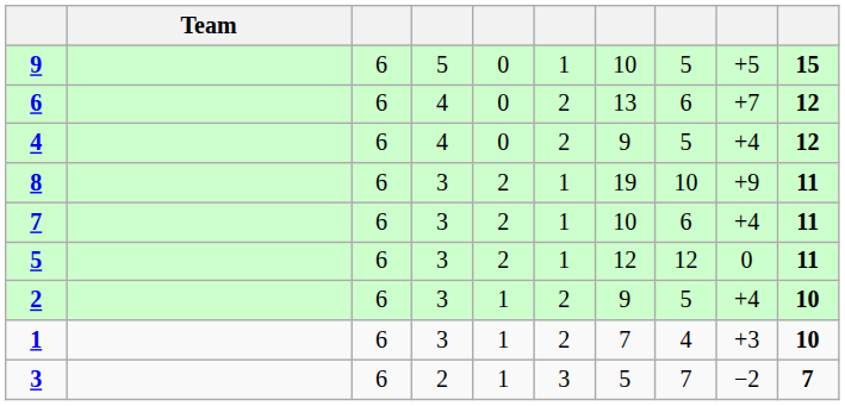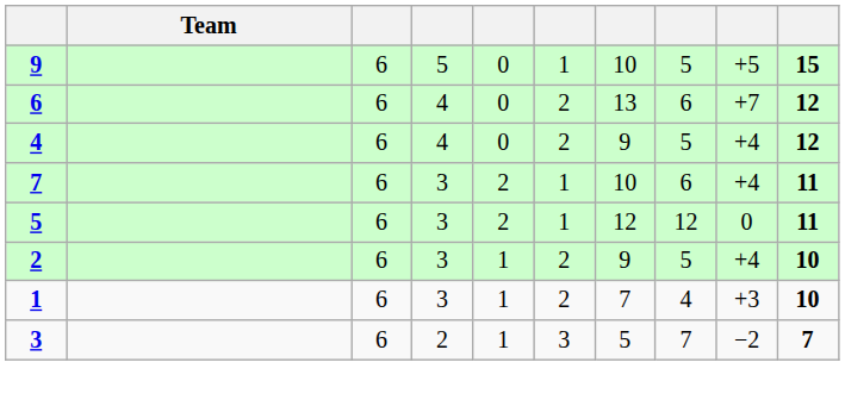 <table class="wikitable" style="text-align: center; font-size: 90%;">
 <tr>
 <th width=30></th>
 <th width=165>Team</th>
 <th width=30></th>
 <th width=30></th>
 <th width=30></th>
 <th width=30></th>
 <th width=30></th>
 <th width=30></th>
 <th width=30></th>
 <th width=30></th>
 </tr>
 <tr bgcolor="#ccffcc">
 <td><strong><a href='#'>9</a></strong></td>
 <td align="left"></td>
 <td>6</td>
 <td>5</td>
 <td>0</td>
 <td>1</td>
 <td>10</td>
 <td>5</td>
 <td>+5</td>
 <td><strong>15</strong></td>
 </tr>
 <tr bgcolor="#ccffcc">
 <td><strong><a href='#'>6</a></strong></td>
 <td align="left"></td>
 <td>6</td>
 <td>4</td>
 <td>0</td>
 <td>2</td>
 <td>13</td>
 <td>6</td>
 <td>+7</td>
 <td><strong>12</strong></td>
 </tr>
 <tr bgcolor="#ccffcc">
 <td><strong><a href='#'>4</a></strong></td>
 <td align="left"></td>
 <td>6</td>
 <td>4</td>
 <td>0</td>
 <td>2</td>
 <td>9</td>
 <td>5</td>
 <td>+4</td>
 <td><strong>12</strong></td>
-</tr>
-<tr bgcolor="#ccffcc">
-<td><strong><a href='#'>8</a></strong></td>
-<td align="left"></td>
-<td>6</td>
-<td>3</td>
-<td>2</td>
-<td>1</td>
-<td>19</td>
-<td>10</td>
-<td>+9</td>
-<td><strong>11</strong></td>
 </tr>
 <tr bgcolor="#ccffcc">
 <td><strong><a href='#'>7</a></strong></td>
 <td align="left"></td>
 <td>6</td>
 <td>3</td>
 <td>2</td>
 <td>1</td>
 <td>10</td>
 <td>6</td>
 <td>+4</td>
 <td><strong>11</strong></td>
 </tr>
 <tr bgcolor="#ccffcc">
 <td><strong><a href='#'>5</a></strong></td>
 <td align="left"></td>
 <td>6</td>
 <td>3</td>
 <td>2</td>
 <td>1</td>
 <td>12</td>
 <td>12</td>
 <td>0</td>
 <td><strong>11</strong></td>
 </tr>
 <tr bgcolor="#ccffcc">
 <td><strong><a href='#'>2</a></strong></td>
 <td align="left"></td>
 <td>6</td>
 <td>3</td>
 <td>1</td>
 <td>2</td>
 <td>9</td>
 <td>5</td>
 <td>+4</td>
 <td><strong>10</strong></td>
 </tr>
 <tr>
 <td><strong><a href='#'>1</a></strong></td>
 <td align="left"></td>
 <td>6</td>
 <td>3</td>
 <td>1</td>
 <td>2</td>
 <td>7</td>
 <td>4</td>
 <td>+3</td>
 <td><strong>10</strong></td>
 </tr>
 <tr>
 <td><strong><a href='#'>3</a></strong></td>
 <td align="left"></td>
 <td>6</td>
 <td>2</td>
 <td>1</td>
 <td>3</td>
 <td>5</td>
 <td>7</td>
 <td>−2</td>
 <td><strong>7</strong></td>
 </tr>
 </table>
